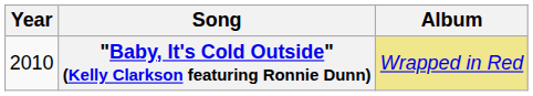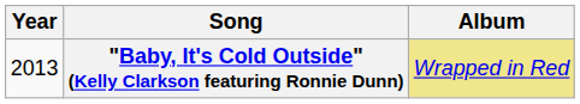 <table class="wikitable plainrowheaders" style="text-align:center;">
 <tr>
 <th>Year</th>
 <th>Song</th>
 <th>Album</th>
 </tr>
 <tr>
-<td>2010</td>
+<td>2013</td>
 <th scope="row">"<a href='#'>Baby, It's Cold Outside</a>"<br><small>(<a href='#'>Kelly Clarkson</a> featuring Ronnie Dunn)</small></th>
 <td style="background: khaki;"><em><a href='#'>Wrapped in Red</a></em></td>
 </tr>
 </table>
